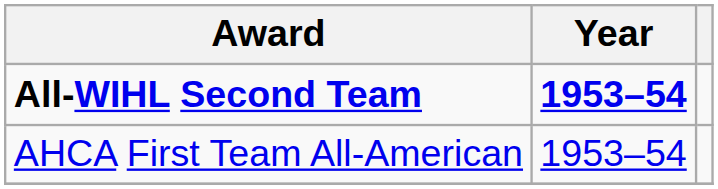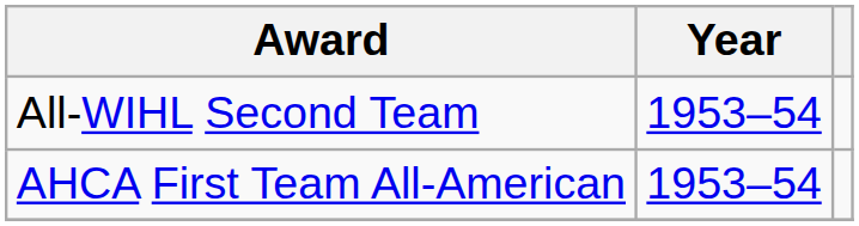 <table class="wikitable">
 <tr>
 <th>Award</th>
 <th>Year</th>
 <th></th>
 </tr>
 <tr>
-<td><strong>All-<a href='#'>WIHL</a> <a href='#'>Second Team</a></strong></td>
-<td><strong><a href='#'>1953–54</a></strong></td>
+<td>All-<a href='#'>WIHL</a> <a href='#'>Second Team</a></td>
+<td><a href='#'>1953–54</a></td>
 <td></td>
 </tr>
 <tr>
 <td><a href='#'>AHCA</a> <a href='#'>First Team All-American</a></td>
 <td><a href='#'>1953–54</a></td>
 <td></td>
 </tr>
 <tr>
 </tr>
 </table>
